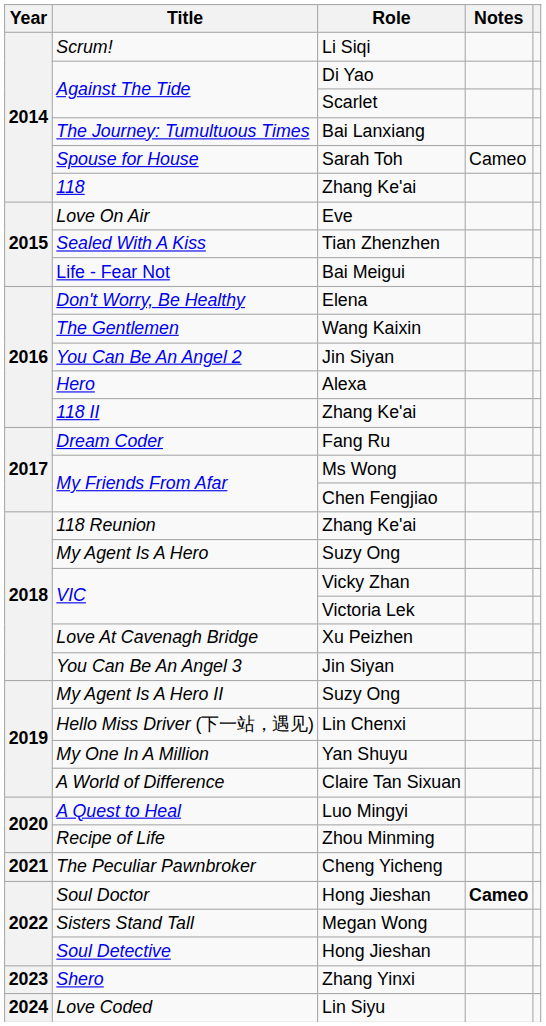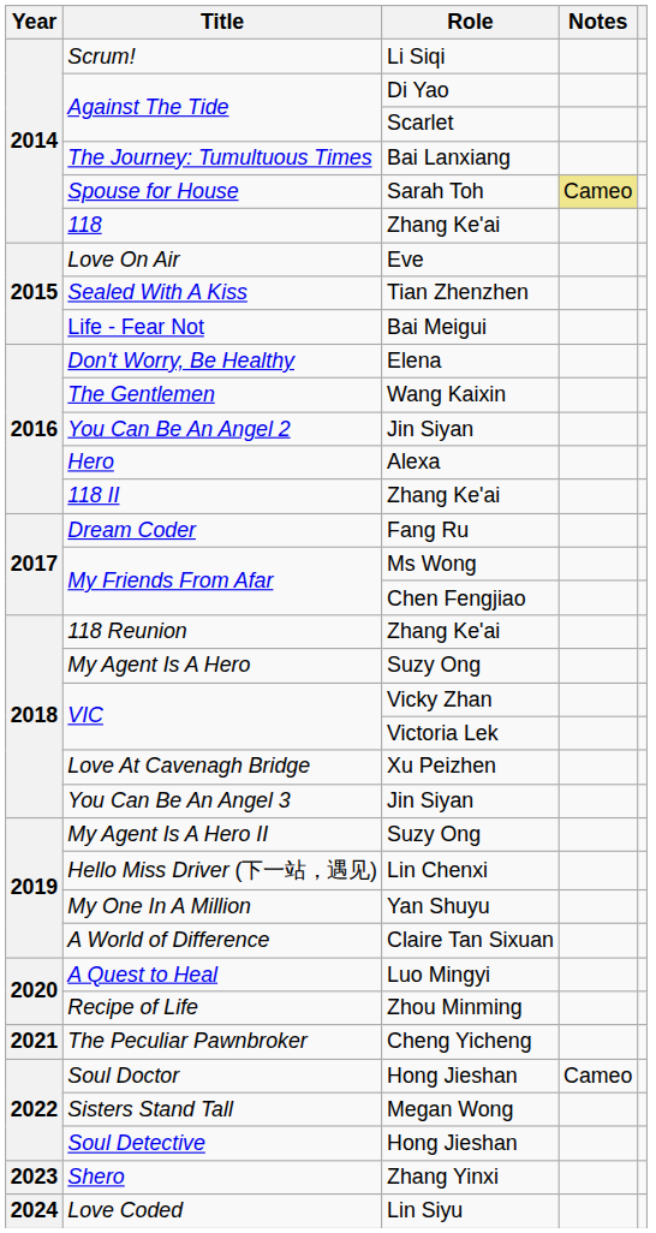 <table class="wikitable sortable plainrowheaders">
 <tr>
 <th scope="col">Year</th>
 <th scope="col">Title</th>
 <th scope="col">Role</th>
 <th scope="col" class="unsortable">Notes</th>
 <th scope="col" class="unsortable"></th>
 </tr>
 <tr>
 <th scope="row" rowspan="6">2014</th>
 <td><em>Scrum!</em></td>
 <td>Li Siqi</td>
 <td></td>
 <td></td>
 </tr>
 <tr>
 <td rowspan="2"><em><a href='#'>Against The Tide</a></em></td>
 <td>Di Yao</td>
 <td></td>
 <td></td>
 </tr>
 <tr>
 <td>Scarlet</td>
 <td></td>
 <td></td>
 </tr>
 <tr>
 <td><em><a href='#'>The Journey: Tumultuous Times</a></em></td>
 <td>Bai Lanxiang</td>
 <td></td>
 <td></td>
 </tr>
 <tr>
 <td><em><a href='#'>Spouse for House</a></em></td>
 <td>Sarah Toh</td>
-<td>Cameo</td>
+<td style="background: khaki;">Cameo</td>
 <td></td>
 </tr>
 <tr>
 <td><em><a href='#'>118</a></em></td>
 <td>Zhang Ke'ai</td>
 <td></td>
 <td></td>
 </tr>
 <tr>
 <th scope="row" rowspan="3">2015</th>
 <td><em>Love On Air</em></td>
 <td>Eve</td>
 <td></td>
 <td></td>
 </tr>
 <tr>
 <td><em><a href='#'>Sealed With A Kiss</a></em></td>
 <td>Tian Zhenzhen</td>
 <td></td>
 <td></td>
 </tr>
 <tr>
 <td><a href='#'>Life - Fear Not</a></td>
 <td>Bai Meigui</td>
 <td></td>
 <td></td>
 </tr>
 <tr>
 <th scope="row" rowspan="5">2016</th>
 <td><em><a href='#'>Don't Worry, Be Healthy</a></em></td>
 <td>Elena</td>
 <td></td>
 <td></td>
 </tr>
 <tr>
 <td><em><a href='#'>The Gentlemen</a></em></td>
 <td>Wang Kaixin</td>
 <td></td>
 <td></td>
 </tr>
 <tr>
 <td><em><a href='#'>You Can Be An Angel 2</a></em></td>
 <td>Jin Siyan</td>
 <td></td>
 <td></td>
 </tr>
 <tr>
 <td><em><a href='#'>Hero</a></em></td>
 <td>Alexa</td>
 <td></td>
 <td></td>
 </tr>
 <tr>
 <td><em><a href='#'>118 II</a></em></td>
 <td>Zhang Ke'ai</td>
 <td></td>
 <td></td>
 </tr>
 <tr>
 <th scope="row" rowspan="3">2017</th>
 <td><em><a href='#'>Dream Coder</a></em></td>
 <td>Fang Ru</td>
 <td></td>
 <td></td>
 </tr>
 <tr>
 <td rowspan="2"><em><a href='#'>My Friends From Afar</a></em></td>
 <td>Ms Wong</td>
 <td></td>
 <td></td>
 </tr>
 <tr>
 <td>Chen Fengjiao</td>
 <td></td>
 <td></td>
 </tr>
 <tr>
 <th scope="row" rowspan="6">2018</th>
 <td><em>118 Reunion</em></td>
 <td>Zhang Ke'ai</td>
 <td></td>
 <td></td>
 </tr>
 <tr>
 <td><em>My Agent Is A Hero</em></td>
 <td>Suzy Ong</td>
 <td></td>
 <td></td>
 </tr>
 <tr>
 <td rowspan="2"><em><a href='#'>VIC</a></em></td>
 <td>Vicky Zhan</td>
 <td></td>
 <td></td>
 </tr>
 <tr>
 <td>Victoria Lek</td>
 <td></td>
 <td></td>
 </tr>
 <tr>
 <td><em>Love At Cavenagh Bridge</em></td>
 <td>Xu Peizhen</td>
 <td></td>
 <td></td>
 </tr>
 <tr>
 <td><em>You Can Be An Angel 3</em></td>
 <td>Jin Siyan</td>
 <td></td>
 <td></td>
 </tr>
 <tr>
 <th scope="row" rowspan="4">2019</th>
 <td><em>My Agent Is A Hero II</em></td>
 <td>Suzy Ong</td>
 <td></td>
 <td></td>
 </tr>
 <tr>
 <td><em>Hello Miss Driver</em> (下一站，遇见)</td>
 <td>Lin Chenxi</td>
 <td></td>
 <td></td>
 </tr>
 <tr>
 <td><em>My One In A Million</em></td>
 <td>Yan Shuyu</td>
 <td></td>
 <td></td>
 </tr>
 <tr>
 <td><em>A World of Difference</em></td>
 <td>Claire Tan Sixuan</td>
 <td></td>
 <td></td>
 </tr>
 <tr>
 <th scope="row" rowspan="2">2020</th>
 <td><em><a href='#'>A Quest to Heal</a></em></td>
 <td>Luo Mingyi</td>
 <td></td>
 <td></td>
 </tr>
 <tr>
 <td><em>Recipe of Life</em></td>
 <td>Zhou Minming</td>
 <td></td>
 <td></td>
 </tr>
 <tr>
 <th scope="row" rowspan="1">2021</th>
 <td><em>The Peculiar Pawnbroker</em></td>
 <td>Cheng Yicheng</td>
 <td></td>
 <td></td>
 </tr>
 <tr>
 <th scope="row" rowspan="3">2022</th>
 <td><em>Soul Doctor</em></td>
 <td>Hong Jieshan</td>
-<td><strong>Cameo</strong></td>
+<td>Cameo</td>
 <td></td>
 </tr>
 <tr>
 <td><em>Sisters Stand Tall</em></td>
 <td>Megan Wong</td>
 <td></td>
 <td></td>
 </tr>
 <tr>
 <td><em><a href='#'>Soul Detective</a> </em></td>
 <td>Hong Jieshan</td>
 <td></td>
 <td></td>
 </tr>
 <tr>
 <th scope="row">2023</th>
 <td><em><a href='#'>Shero</a></em></td>
 <td>Zhang Yinxi</td>
 <td></td>
 <td></td>
 </tr>
 <tr>
 <th scope="row">2024</th>
 <td><em>Love Coded</em></td>
 <td>Lin Siyu</td>
 <td></td>
 <td></td>
 </tr>
 </table>
